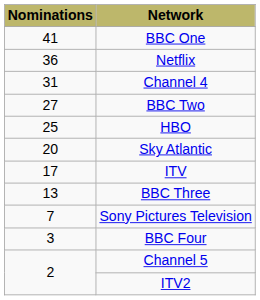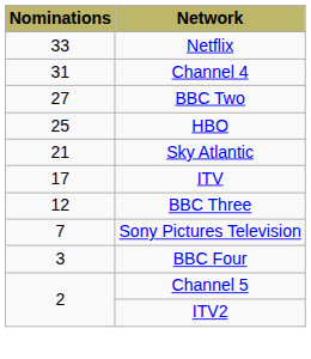 <table class="wikitable" style="text-align:center">
 <tr>
 <th style="background:#BDB76B;">Nominations</th>
 <th style="background:#BDB76B;">Network</th>
 </tr>
 <tr>
-<td>41</td>
-<td><a href='#'>BBC One</a></td>
-</tr>
-<tr>
-<td>36</td>
+<td>33</td>
 <td><a href='#'>Netflix</a></td>
 </tr>
 <tr>
 <td>31</td>
 <td><a href='#'>Channel 4</a></td>
 </tr>
 <tr>
 <td>27</td>
 <td><a href='#'>BBC Two</a></td>
 </tr>
 <tr>
 <td>25</td>
 <td><a href='#'>HBO</a></td>
 </tr>
 <tr>
-<td>20</td>
+<td>21</td>
 <td><a href='#'>Sky Atlantic</a></td>
 </tr>
 <tr>
 <td>17</td>
 <td><a href='#'>ITV</a></td>
 </tr>
 <tr>
-<td>13</td>
+<td>12</td>
 <td><a href='#'>BBC Three</a></td>
 </tr>
 <tr>
 <td>7</td>
 <td><a href='#'>Sony Pictures Television</a></td>
 </tr>
 <tr>
 <td>3</td>
 <td><a href='#'>BBC Four</a></td>
 </tr>
 <tr>
 <td rowspan="2">2</td>
 <td><a href='#'>Channel 5</a></td>
 </tr>
 <tr>
 <td><a href='#'>ITV2</a></td>
 </tr>
 </table>
